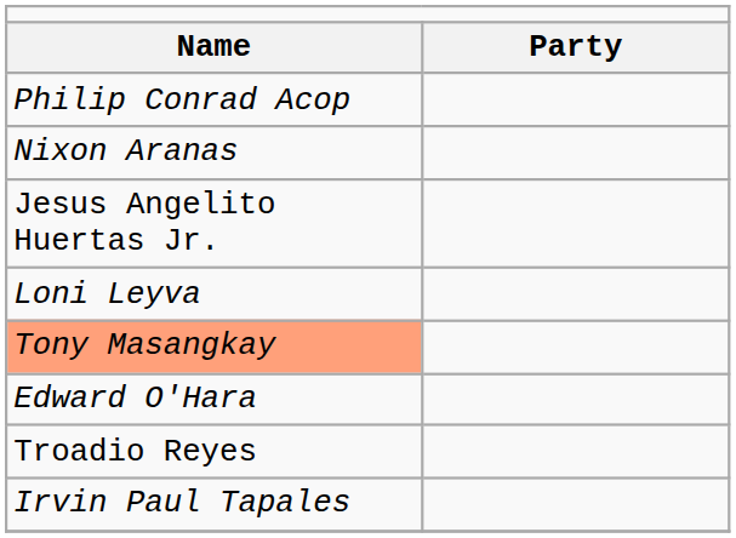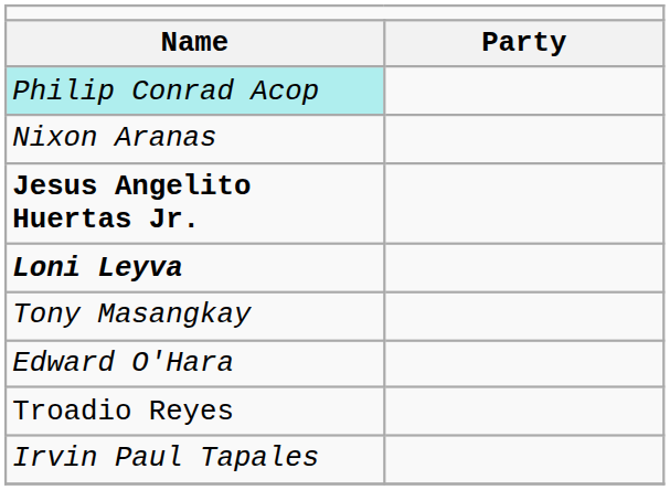 <table class=wikitable style="font-size:90%">
 <tr>
 <td colspan=4 bgcolor=></td>
 </tr>
 <tr>
 <th width=150px>Name</th>
 <th colspan=2 width=110px>Party</th>
 </tr>
 <tr>
-<td><em>Philip Conrad Acop</em></td>
+<td style="background: paleturquoise;"><em>Philip Conrad Acop</em></td>
 <td></td>
 </tr>
 <tr>
 <td><em>Nixon Aranas</em></td>
 <td></td>
 </tr>
 <tr>
-<td>Jesus Angelito Huertas Jr.</td>
+<td><strong>Jesus Angelito Huertas Jr.</strong></td>
 <td></td>
 </tr>
 <tr>
-<td><em>Loni Leyva</em></td>
+<td><strong><em>Loni Leyva</em></strong></td>
 <td></td>
 </tr>
 <tr>
-<td style="background: lightsalmon;"><em>Tony Masangkay</em></td>
+<td><em>Tony Masangkay</em></td>
 <td></td>
 </tr>
 <tr>
 <td><em>Edward O'Hara</em></td>
 <td></td>
 </tr>
 <tr>
 <td>Troadio Reyes</td>
 <td></td>
 </tr>
 <tr>
 <td><em>Irvin Paul Tapales</em></td>
 <td></td>
 </tr>
 <tr>
 </tr>
 </table>
